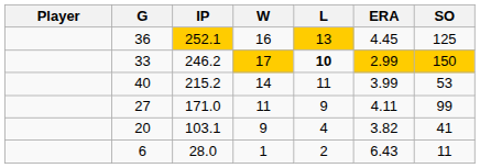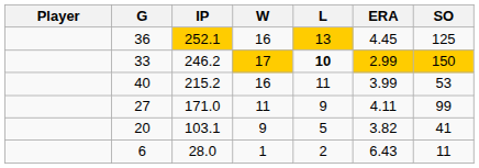 <table class="wikitable sortable">
 <tr>
 <th bgcolor="#DDDDFF" width="16%">Player</th>
 <th bgcolor="#DDDDFF" width="9%">G</th>
 <th bgcolor="#DDDDFF" width="9%">IP</th>
 <th bgcolor="#DDDDFF" width="9%">W</th>
 <th bgcolor="#DDDDFF" width="9%">L</th>
 <th bgcolor="#DDDDFF" width="9%">ERA</th>
 <th bgcolor="#DDDDFF" width="9%">SO</th>
 </tr>
 <tr align="center">
 <td></td>
 <td>36</td>
 <td style="background:#fc0;">252.1</td>
 <td>16</td>
 <td style="background:#fc0;">13</td>
 <td>4.45</td>
 <td>125</td>
 </tr>
 <tr align="center">
 <td></td>
 <td>33</td>
 <td>246.2</td>
 <td style="background:#fc0;">17</td>
 <td><strong>10</strong></td>
 <td style="background:#fc0;">2.99</td>
 <td style="background:#fc0;">150</td>
 </tr>
 <tr align="center">
 <td></td>
 <td>40</td>
 <td>215.2</td>
-<td>14</td>
+<td>16</td>
 <td>11</td>
 <td>3.99</td>
 <td>53</td>
 </tr>
 <tr align="center">
 <td></td>
 <td>27</td>
 <td>171.0</td>
 <td>11</td>
 <td>9</td>
 <td>4.11</td>
 <td>99</td>
 </tr>
 <tr align="center">
 <td></td>
 <td>20</td>
 <td>103.1</td>
 <td>9</td>
-<td>4</td>
+<td>5</td>
 <td>3.82</td>
 <td>41</td>
 </tr>
 <tr align="center">
 <td></td>
 <td>6</td>
 <td>28.0</td>
 <td>1</td>
 <td>2</td>
 <td>6.43</td>
 <td>11</td>
 </tr>
 </table>
